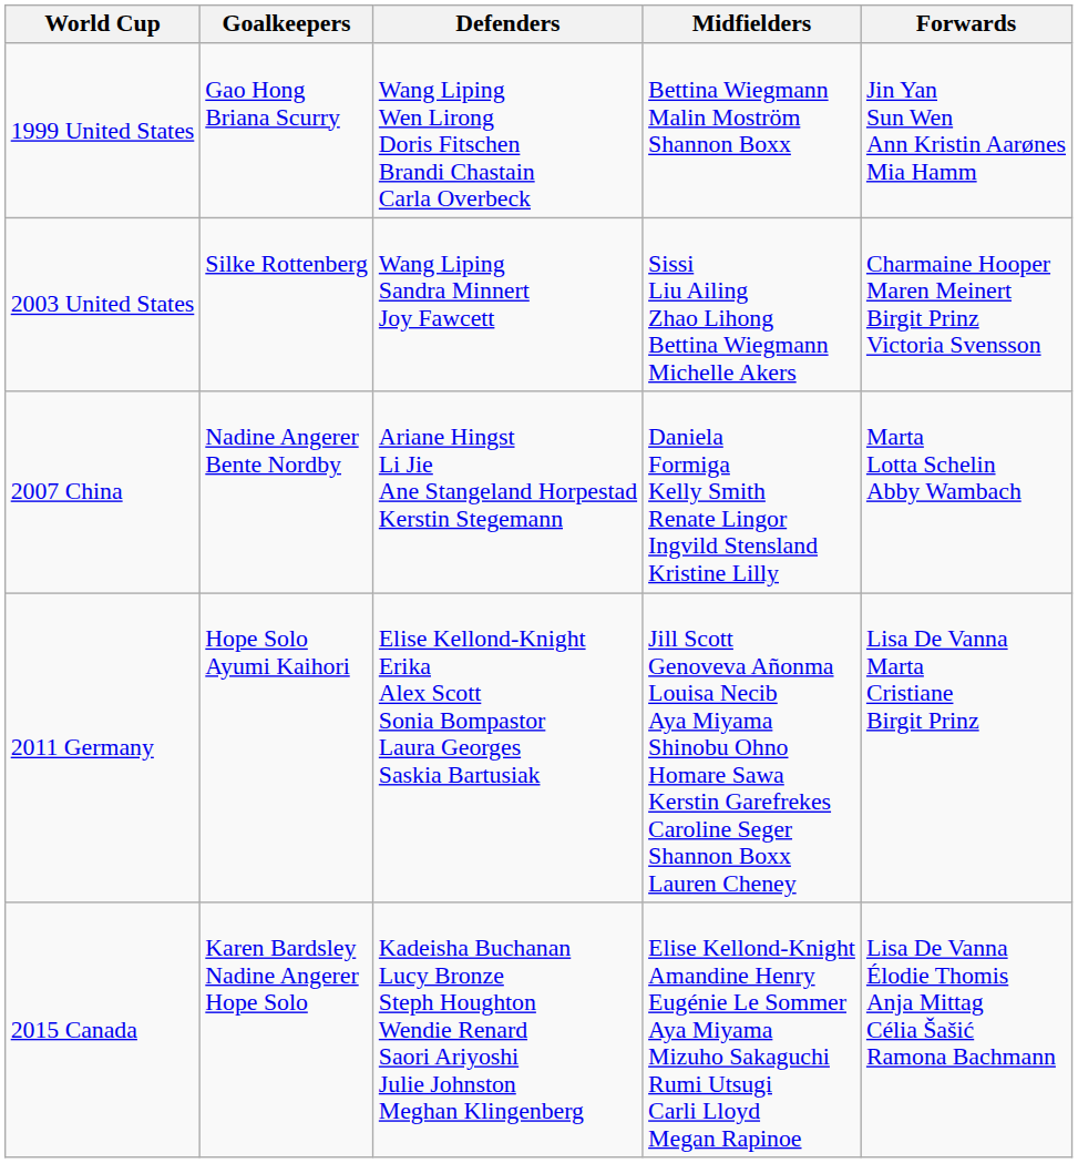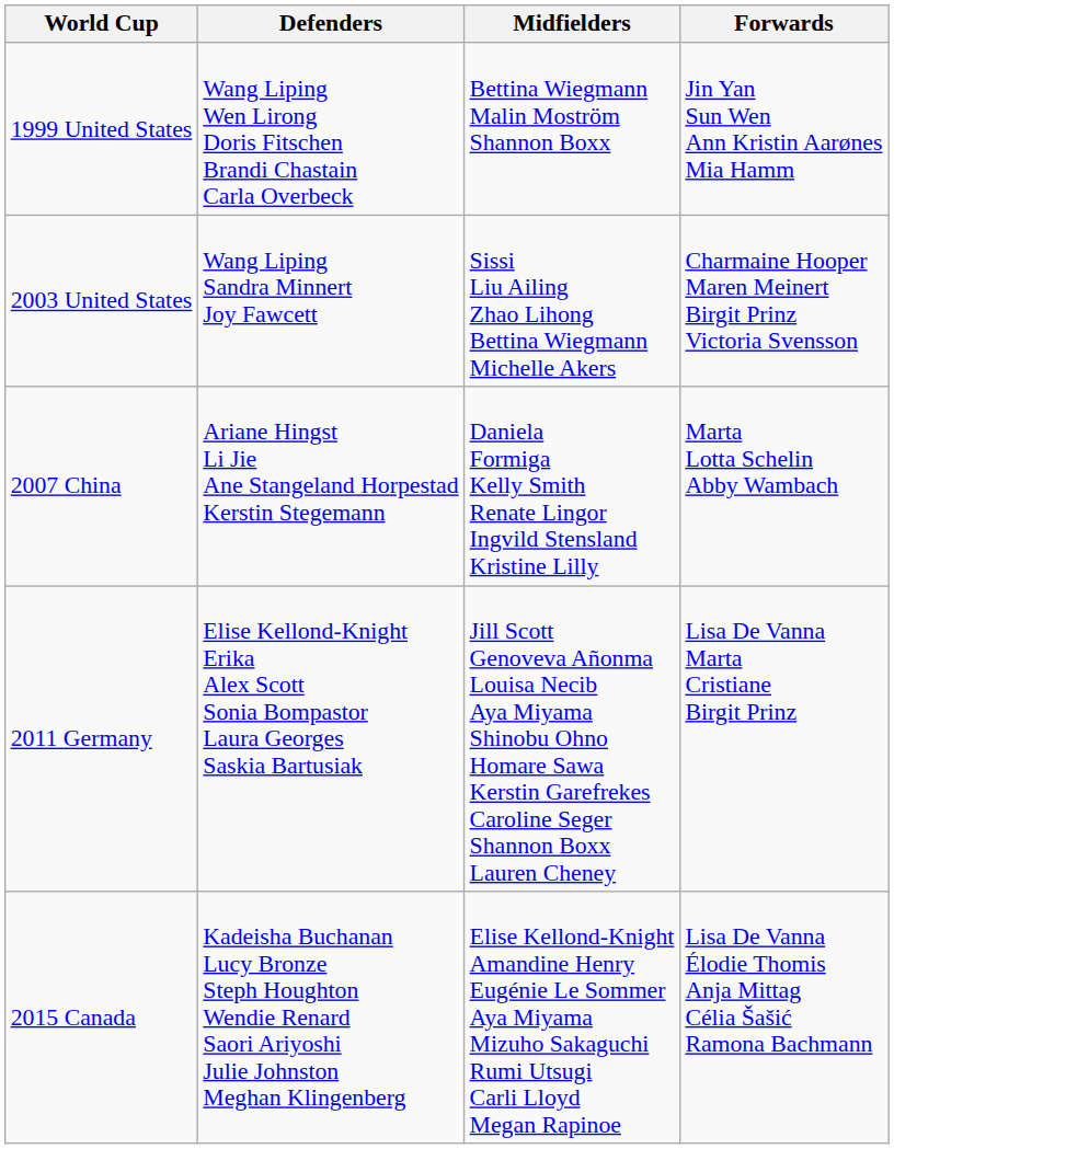 <table class="wikitable">
 <tr>
 <th>World Cup</th>
-<th>Goalkeepers</th>
 <th>Defenders</th>
 <th>Midfielders</th>
 <th>Forwards</th>
 </tr>
 <tr>
 <td><a href='#'>1999 United States</a></td>
-<td align=left valign=top><br> <a href='#'>Gao Hong</a> <br>  <a href='#'>Briana Scurry</a></td>
 <td align=left valign=top><br> <a href='#'>Wang Liping</a> <br>  <a href='#'>Wen Lirong</a>  <br>  <a href='#'>Doris Fitschen</a>  <br>  <a href='#'>Brandi Chastain</a>  <br>  <a href='#'>Carla Overbeck</a></td>
 <td align=left valign=top><br> <a href='#'>Bettina Wiegmann</a>  <br>  <a href='#'>Malin Moström</a>  <br>  <a href='#'>Shannon Boxx</a> <br></td>
 <td align=left valign=top><br> <a href='#'>Jin Yan</a> <br>  <a href='#'>Sun Wen</a>  <br>  <a href='#'>Ann Kristin Aarønes</a>  <br>  <a href='#'>Mia Hamm</a></td>
 </tr>
 <tr>
 <td><a href='#'>2003 United States</a></td>
-<td align=left valign=top><br> <a href='#'>Silke Rottenberg</a> <br></td>
 <td align=left valign=top><br> <a href='#'>Wang Liping</a>  <br>  <a href='#'>Sandra Minnert</a>  <br>  <a href='#'>Joy Fawcett</a> <br></td>
 <td align=left valign=top><br> <a href='#'>Sissi</a> <br>  <a href='#'>Liu Ailing</a>  <br>  <a href='#'>Zhao Lihong</a>  <br>  <a href='#'>Bettina Wiegmann</a>  <br>  <a href='#'>Michelle Akers</a></td>
 <td align=left valign=top><br> <a href='#'>Charmaine Hooper</a> <br>  <a href='#'>Maren Meinert</a>  <br>  <a href='#'>Birgit Prinz</a> <br>  <a href='#'>Victoria Svensson</a> <br></td>
 </tr>
 <tr>
 <td><a href='#'>2007 China</a></td>
-<td align=left valign=top><br> <a href='#'>Nadine Angerer</a> <br>  <a href='#'>Bente Nordby</a></td>
 <td align=left valign=top><br> <a href='#'>Ariane Hingst</a> <br>  <a href='#'>Li Jie</a>  <br>  <a href='#'>Ane Stangeland Horpestad</a> <br>  <a href='#'>Kerstin Stegemann</a></td>
 <td align=left valign=top><br> <a href='#'>Daniela</a> <br>  <a href='#'>Formiga</a>  <br>  <a href='#'>Kelly Smith</a>  <br>  <a href='#'>Renate Lingor</a>  <br>  <a href='#'>Ingvild Stensland</a>  <br>  <a href='#'>Kristine Lilly</a></td>
 <td align=left valign=top><br> <a href='#'>Marta</a>  <br>  <a href='#'>Lotta Schelin</a>  <br>  <a href='#'>Abby Wambach</a></td>
 </tr>
 <tr>
 <td><a href='#'>2011 Germany</a></td>
-<td align=left valign=top><br> <a href='#'>Hope Solo</a> <br>  <a href='#'>Ayumi Kaihori</a></td>
 <td align=left valign=top><br> <a href='#'>Elise Kellond-Knight</a> <br>  <a href='#'>Erika</a>  <br>  <a href='#'>Alex Scott</a> <br>  <a href='#'>Sonia Bompastor</a> <br>  <a href='#'>Laura Georges</a> <br>  <a href='#'>Saskia Bartusiak</a></td>
 <td align=left valign=top><br> <a href='#'>Jill Scott</a> <br>  <a href='#'>Genoveva Añonma</a>  <br>  <a href='#'>Louisa Necib</a>  <br>  <a href='#'>Aya Miyama</a>  <br>  <a href='#'>Shinobu Ohno</a>  <br>  <a href='#'>Homare Sawa</a> <br>  <a href='#'>Kerstin Garefrekes</a> <br>  <a href='#'>Caroline Seger</a> <br>  <a href='#'>Shannon Boxx</a> <br>  <a href='#'>Lauren Cheney</a></td>
 <td align=left valign=top><br> <a href='#'>Lisa De Vanna</a> <br>  <a href='#'>Marta</a>  <br>  <a href='#'>Cristiane</a>  <br>  <a href='#'>Birgit Prinz</a></td>
 </tr>
 <tr>
 <td><a href='#'>2015 Canada</a></td>
-<td align=left valign=top><br> <a href='#'>Karen Bardsley</a> <br>  <a href='#'>Nadine Angerer</a> <br>  <a href='#'>Hope Solo</a></td>
 <td align=left valign=top><br> <a href='#'>Kadeisha Buchanan</a> <br>  <a href='#'>Lucy Bronze</a> <br>  <a href='#'>Steph Houghton</a> <br>  <a href='#'>Wendie Renard</a> <br>  <a href='#'>Saori Ariyoshi</a> <br>  <a href='#'>Julie Johnston</a> <br>  <a href='#'>Meghan Klingenberg</a></td>
 <td align=left valign=top><br> <a href='#'>Elise Kellond-Knight</a> <br>  <a href='#'>Amandine Henry</a> <br>  <a href='#'>Eugénie Le Sommer</a> <br>  <a href='#'>Aya Miyama</a> <br>  <a href='#'>Mizuho Sakaguchi</a> <br>  <a href='#'>Rumi Utsugi</a> <br>  <a href='#'>Carli Lloyd</a> <br>  <a href='#'>Megan Rapinoe</a></td>
 <td align=left valign=top><br> <a href='#'>Lisa De Vanna</a> <br>  <a href='#'>Élodie Thomis</a> <br>  <a href='#'>Anja Mittag</a> <br>  <a href='#'>Célia Šašić</a> <br>  <a href='#'>Ramona Bachmann</a></td>
 </tr>
 </table>
